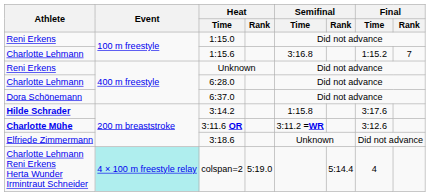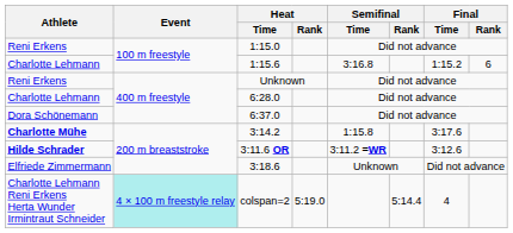 <table class=wikitable style="font-size:90%;">
 <tr>
 <th rowspan=2>Athlete</th>
 <th rowspan=2>Event</th>
 <th colspan=2>Heat</th>
 <th colspan=2>Semifinal</th>
 <th colspan=2>Final</th>
 </tr>
 <tr style="font-size:95%">
 <th>Time</th>
 <th>Rank</th>
 <th>Time</th>
 <th>Rank</th>
 <th>Time</th>
 <th>Rank</th>
 </tr>
 <tr align=center>
 <td align=left><a href='#'>Reni Erkens</a></td>
 <td rowspan=2 align=left><a href='#'>100 m freestyle</a></td>
 <td>1:15.0</td>
 <td></td>
 <td colspan=4>Did not advance</td>
 </tr>
 <tr align=center>
 <td align=left><a href='#'>Charlotte Lehmann</a></td>
 <td>1:15.6</td>
 <td></td>
 <td>3:16.8</td>
 <td></td>
 <td>1:15.2</td>
-<td>7</td>
+<td>6</td>
 </tr>
 <tr align=center>
 <td align=left><a href='#'>Reni Erkens</a></td>
 <td rowspan=3 align=left><a href='#'>400 m freestyle</a></td>
 <td colspan=2>Unknown</td>
 <td colspan=4>Did not advance</td>
 </tr>
 <tr align=center>
 <td align=left><a href='#'>Charlotte Lehmann</a></td>
 <td>6:28.0</td>
 <td></td>
 <td colspan=4>Did not advance</td>
 </tr>
 <tr align=center>
 <td align=left><a href='#'>Dora Schönemann</a></td>
 <td>6:37.0</td>
 <td></td>
 <td colspan=4>Did not advance</td>
 </tr>
 <tr align=center>
-<td align=left><strong><a href='#'>Hilde Schrader</a></strong></td>
+<td align=left><strong><a href='#'>Charlotte Mühe</a></strong></td>
 <td rowspan=3 align=left><a href='#'>200 m breaststroke</a></td>
 <td>3:14.2</td>
 <td></td>
 <td>1:15.8</td>
 <td></td>
 <td>3:17.6</td>
 <td></td>
 </tr>
 <tr align=center>
-<td align=left><strong><a href='#'>Charlotte Mühe</a></strong></td>
+<td align=left><strong><a href='#'>Hilde Schrader</a></strong></td>
 <td>3:11.6 <strong><a href='#'>OR</a></strong></td>
 <td></td>
 <td>3:11.2 <strong>=<a href='#'>WR</a></strong></td>
 <td></td>
 <td>3:12.6</td>
 <td></td>
 </tr>
 <tr align=center>
 <td align=left><a href='#'>Elfriede Zimmermann</a></td>
 <td>3:18.6</td>
 <td></td>
 <td colspan=2>Unknown</td>
 <td colspan=2>Did not advance</td>
 </tr>
 <tr align=center>
 <td align=left><a href='#'>Charlotte Lehmann</a><br><a href='#'>Reni Erkens</a><br><a href='#'>Herta Wunder</a><br><a href='#'>Irmintraut Schneider</a></td>
 <td align=left style="background: paleturquoise;"><a href='#'>4 × 100 m freestyle relay</a></td>
 <td>colspan=2 </td>
 <td>5:19.0</td>
 <td></td>
 <td>5:14.4</td>
 <td>4</td>
 </tr>
 </table>
